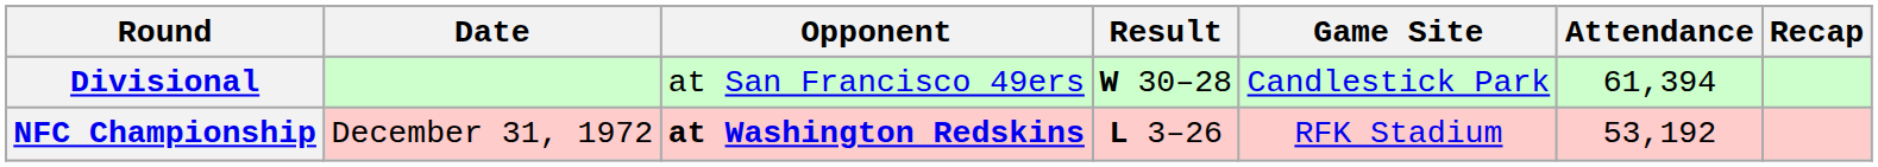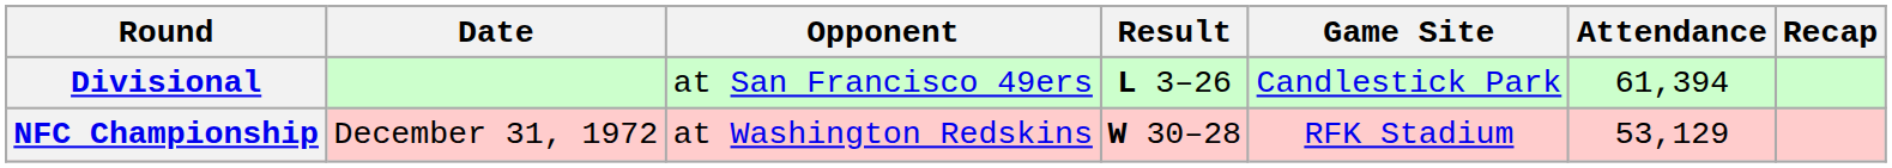 <table class="wikitable" style="text-align:center">
 <tr>
 <th>Round</th>
 <th>Date</th>
 <th>Opponent</th>
 <th>Result</th>
 <th>Game Site</th>
 <th>Attendance</th>
 <th>Recap</th>
 </tr>
 <tr style="background: #cfc">
 <th><a href='#'>Divisional</a></th>
 <td></td>
 <td>at <a href='#'>San Francisco 49ers</a></td>
-<td><strong>W</strong> 30–28</td>
+<td><strong>L</strong> 3–26</td>
 <td><a href='#'>Candlestick Park</a></td>
 <td>61,394</td>
 <td></td>
 </tr>
 <tr style="background: #fcc">
 <th><a href='#'>NFC Championship</a></th>
 <td>December 31, 1972</td>
-<td><strong>at <a href='#'>Washington Redskins</a></strong></td>
-<td><strong>L</strong> 3–26</td>
+<td>at <a href='#'>Washington Redskins</a></td>
+<td><strong>W</strong> 30–28</td>
 <td><a href='#'>RFK Stadium</a></td>
-<td>53,192</td>
+<td>53,129</td>
 <td></td>
 </tr>
 </table>
